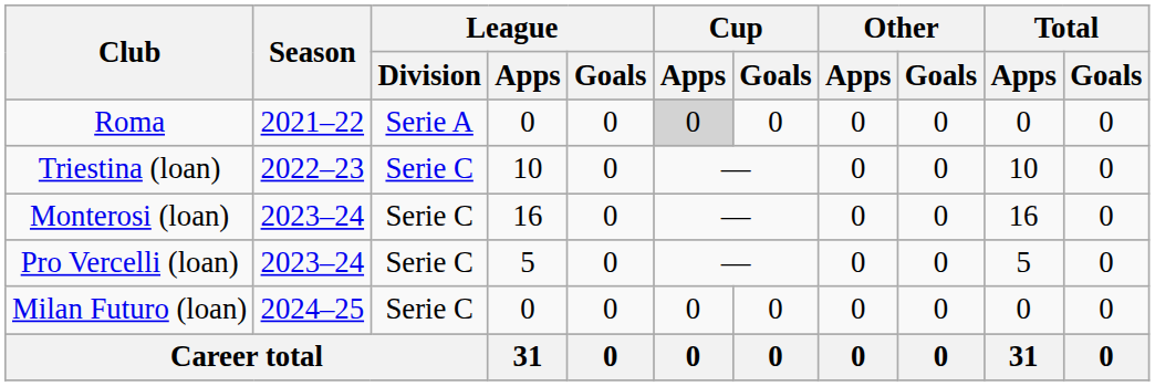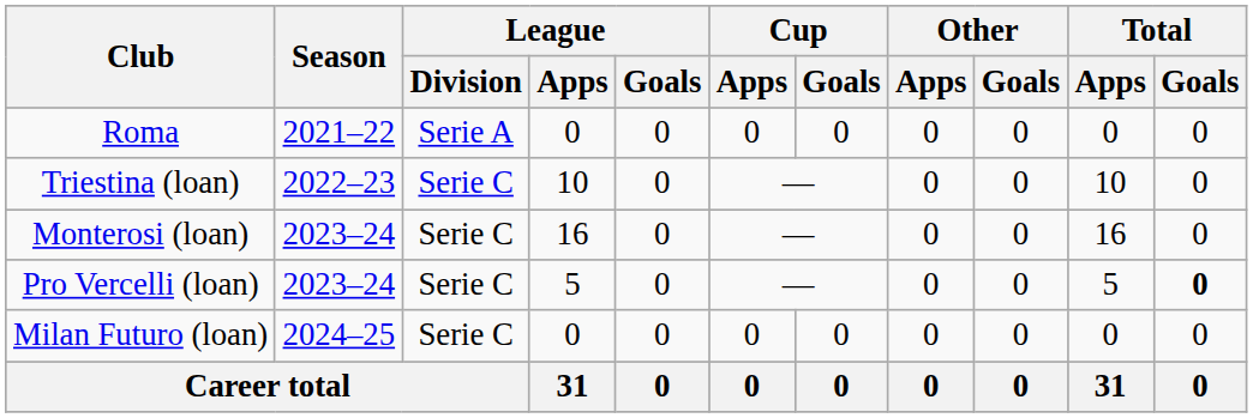 <table class="wikitable" style="text-align:center">
 <tr>
 <th rowspan="2">Club</th>
 <th rowspan="2">Season</th>
 <th colspan="3">League</th>
 <th colspan="2">Cup</th>
 <th colspan="2">Other</th>
 <th colspan="2">Total</th>
 </tr>
 <tr>
 <th>Division</th>
 <th>Apps</th>
 <th>Goals</th>
 <th>Apps</th>
 <th>Goals</th>
 <th>Apps</th>
 <th>Goals</th>
 <th>Apps</th>
 <th>Goals</th>
 </tr>
 <tr>
 <td><a href='#'>Roma</a></td>
 <td><a href='#'>2021–22</a></td>
 <td><a href='#'>Serie A</a></td>
 <td>0</td>
 <td>0</td>
-<td style="background: lightgrey;">0</td>
+<td>0</td>
 <td>0</td>
 <td>0</td>
 <td>0</td>
 <td>0</td>
 <td>0</td>
 </tr>
 <tr>
 <td><a href='#'>Triestina</a> (loan)</td>
 <td><a href='#'>2022–23</a></td>
 <td><a href='#'>Serie C</a></td>
 <td>10</td>
 <td>0</td>
 <td colspan="2">—</td>
 <td>0</td>
 <td>0</td>
 <td>10</td>
 <td>0</td>
 </tr>
 <tr>
 <td><a href='#'>Monterosi</a> (loan)</td>
 <td><a href='#'>2023–24</a></td>
 <td>Serie C</td>
 <td>16</td>
 <td>0</td>
 <td colspan="2">—</td>
 <td>0</td>
 <td>0</td>
 <td>16</td>
 <td>0</td>
 </tr>
 <tr>
 <td><a href='#'>Pro Vercelli</a> (loan)</td>
 <td><a href='#'>2023–24</a></td>
 <td>Serie C</td>
 <td>5</td>
 <td>0</td>
 <td colspan="2">—</td>
 <td>0</td>
 <td>0</td>
 <td>5</td>
-<td>0</td>
+<td><strong>0</strong></td>
 </tr>
 <tr>
 <td><a href='#'>Milan Futuro</a> (loan)</td>
 <td><a href='#'>2024–25</a></td>
 <td>Serie C</td>
 <td>0</td>
 <td>0</td>
 <td>0</td>
 <td>0</td>
 <td>0</td>
 <td>0</td>
 <td>0</td>
 <td>0</td>
 </tr>
 <tr>
 <th colspan="3">Career total</th>
 <th>31</th>
 <th>0</th>
 <th>0</th>
 <th>0</th>
 <th>0</th>
 <th>0</th>
 <th>31</th>
 <th>0</th>
 </tr>
 </table>
